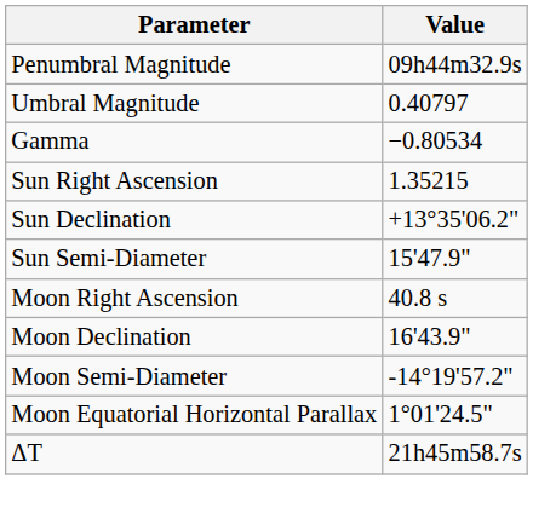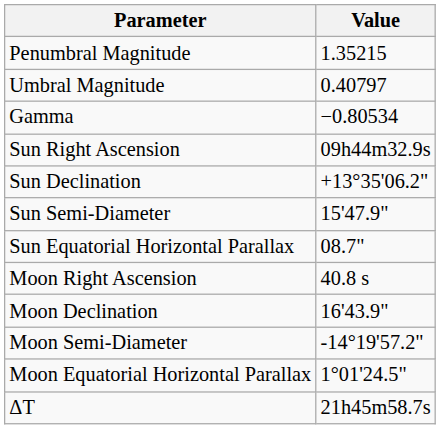 <table class="wikitable">
 <tr>
 <th>Parameter</th>
 <th>Value</th>
 </tr>
 <tr>
 <td>Penumbral Magnitude</td>
-<td>09h44m32.9s</td>
+<td>1.35215</td>
 </tr>
 <tr>
 <td>Umbral Magnitude</td>
 <td>0.40797</td>
 </tr>
 <tr>
 <td>Gamma</td>
 <td>−0.80534</td>
 </tr>
 <tr>
 <td>Sun Right Ascension</td>
-<td>1.35215</td>
+<td>09h44m32.9s</td>
 </tr>
 <tr>
 <td>Sun Declination</td>
 <td>+13°35'06.2"</td>
 </tr>
 <tr>
 <td>Sun Semi-Diameter</td>
 <td>15'47.9"</td>
+</tr>
+<tr>
+<td>Sun Equatorial Horizontal Parallax</td>
+<td>08.7"</td>
 </tr>
 <tr>
 <td>Moon Right Ascension</td>
 <td>40.8 s</td>
 </tr>
 <tr>
 <td>Moon Declination</td>
 <td>16'43.9"</td>
 </tr>
 <tr>
 <td>Moon Semi-Diameter</td>
 <td>-14°19'57.2"</td>
 </tr>
 <tr>
 <td>Moon Equatorial Horizontal Parallax</td>
 <td>1°01'24.5"</td>
 </tr>
 <tr>
 <td>ΔT</td>
 <td>21h45m58.7s</td>
 </tr>
 </table>
